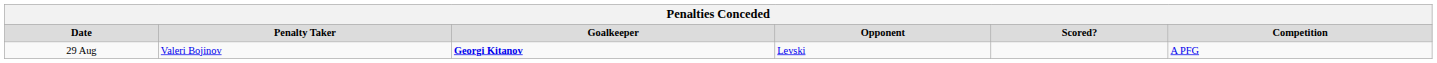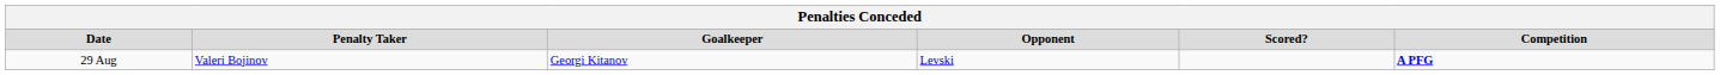 <table class="wikitable"  style="font-size:90%; width:100%;">
 <tr>
 <th colspan=6 style="font-size:120%">Penalties Conceded</th>
 </tr>
 <tr>
 <th style="background:#dcdcdc;">Date</th>
 <th style="background:#dcdcdc;">Penalty Taker</th>
 <th style="background:#dcdcdc;">Goalkeeper</th>
 <th style="background:#dcdcdc;">Opponent</th>
 <th style="background:#dcdcdc;">Scored?</th>
 <th style="background:#dcdcdc;">Competition</th>
 </tr>
 <tr>
 <td style="text-align:center;">29 Aug</td>
 <td> <a href='#'>Valeri Bojinov</a></td>
-<td><strong> <a href='#'>Georgi Kitanov</a></strong></td>
+<td> <a href='#'>Georgi Kitanov</a></td>
 <td><a href='#'>Levski</a></td>
 <td style="text-align:center;"></td>
-<td><a href='#'>A PFG</a></td>
+<td><strong><a href='#'>A PFG</a></strong></td>
 </tr>
 </table>
